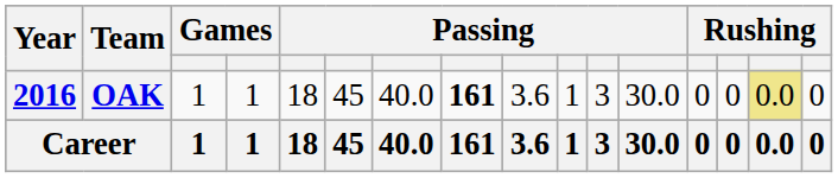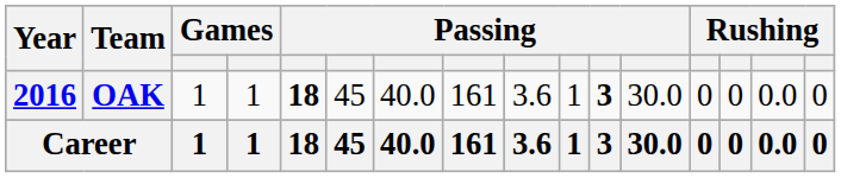 <table class="wikitable" style="text-align:center;">
 <tr>
 <th rowspan="2">Year</th>
 <th rowspan="2">Team</th>
 <th colspan="2">Games</th>
 <th colspan="8">Passing</th>
 <th colspan="4">Rushing</th>
 </tr>
 <tr>
 <th></th>
 <th></th>
 <th></th>
 <th></th>
 <th></th>
 <th></th>
 <th></th>
 <th></th>
 <th></th>
 <th></th>
 <th></th>
 <th></th>
 <th></th>
 <th></th>
 </tr>
 <tr>
 <th><a href='#'>2016</a></th>
 <th><a href='#'>OAK</a></th>
 <td>1</td>
 <td>1</td>
-<td>18</td>
+<td><strong>18</strong></td>
 <td>45</td>
 <td>40.0</td>
-<td><strong>161</strong></td>
+<td>161</td>
 <td>3.6</td>
 <td>1</td>
-<td>3</td>
+<td><strong>3</strong></td>
 <td>30.0</td>
 <td>0</td>
 <td>0</td>
-<td style="background: khaki;">0.0</td>
+<td>0.0</td>
 <td>0</td>
 </tr>
 <tr>
 <th colspan="2">Career</th>
 <th>1</th>
 <th>1</th>
 <th>18</th>
 <th>45</th>
 <th>40.0</th>
 <th>161</th>
 <th>3.6</th>
 <th>1</th>
 <th>3</th>
 <th>30.0</th>
 <th>0</th>
 <th>0</th>
 <th>0.0</th>
 <th>0</th>
 </tr>
 </table>
